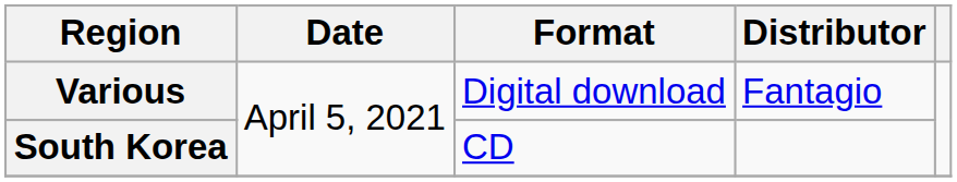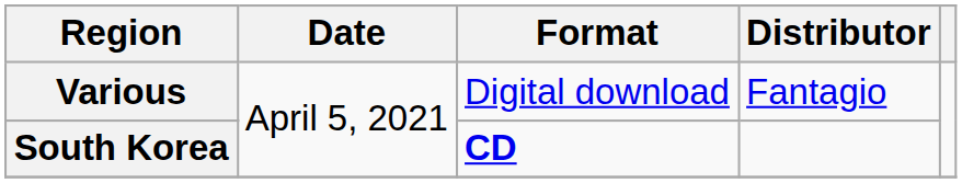 <table class="wikitable plainrowheaders">
 <tr>
 <th>Region</th>
 <th>Date</th>
 <th>Format</th>
 <th>Distributor</th>
 <th></th>
 </tr>
 <tr>
 <th scope="row">Various</th>
 <td rowspan="3">April 5, 2021</td>
 <td rowspan="2"><a href='#'>Digital download</a></td>
 <td rowspan="2"><a href='#'>Fantagio</a></td>
 <td rowspan="3"></td>
 </tr>
 <tr>
 <th scope="row" rowspan="2">South Korea</th>
 </tr>
 <tr>
-<td><a href='#'>CD</a></td>
+<td><strong><a href='#'>CD</a></strong></td>
 <td></td>
 </tr>
 <tr>
 </tr>
 </table>
